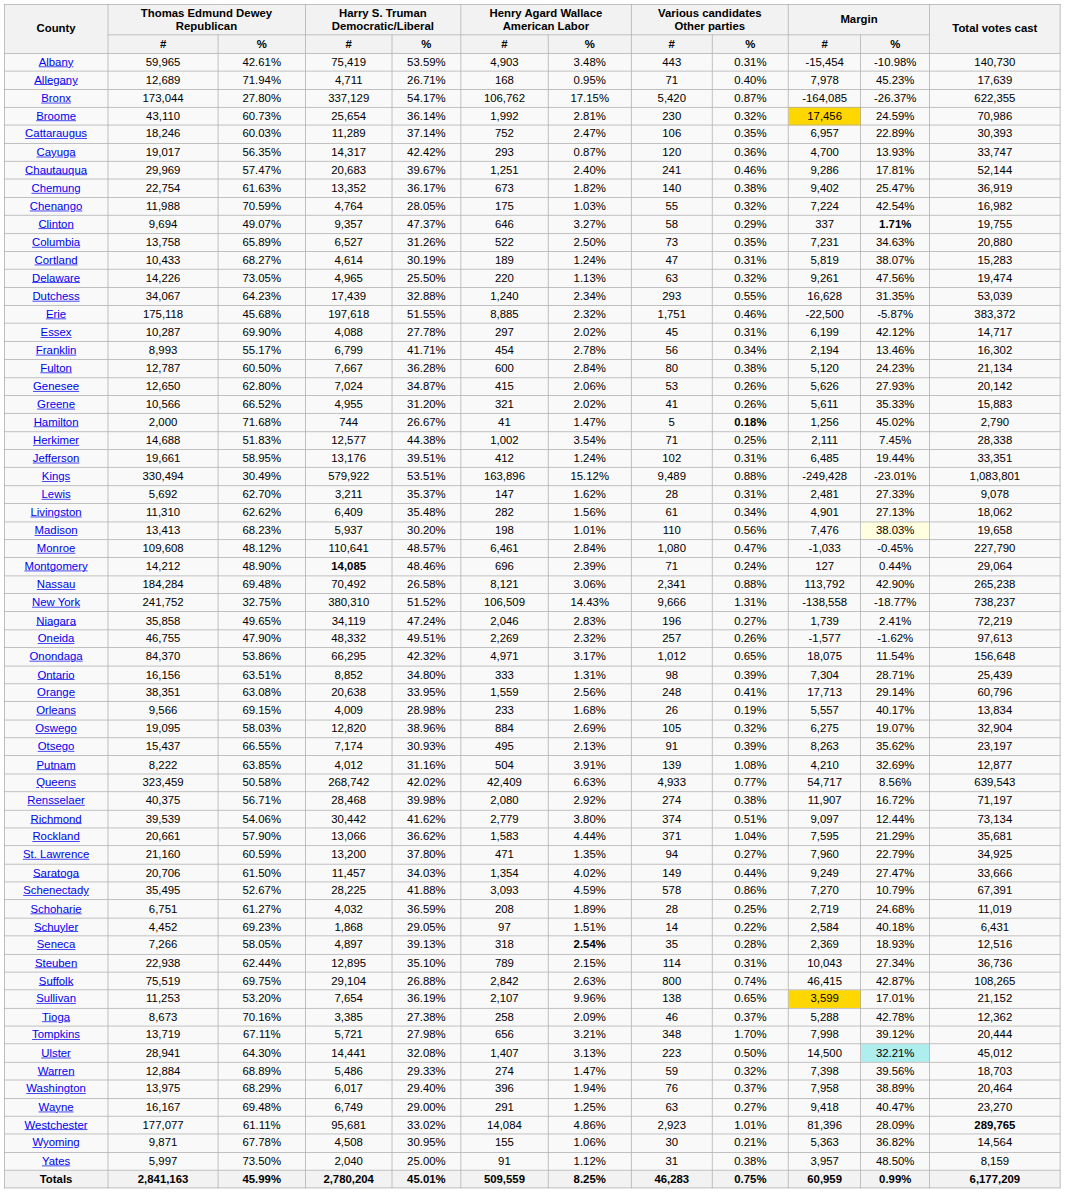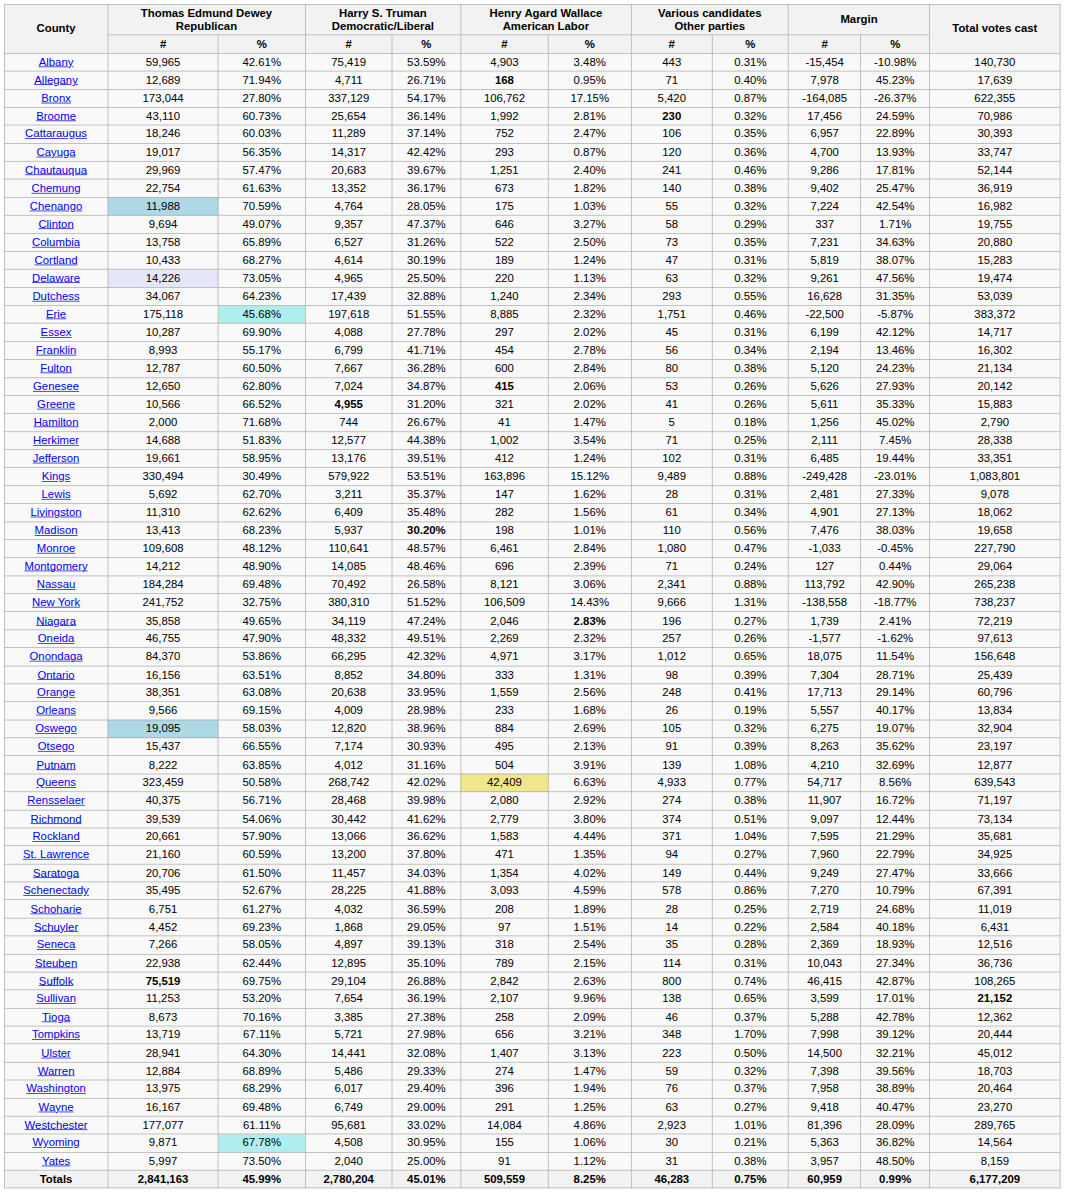 <table width="75%" class="wikitable sortable">
 <tr>
 <th colspan="1" rowspan="2">County</th>
 <th style="text-align:center;" colspan="2">Thomas Edmund Dewey<br>Republican</th>
 <th style="text-align:center;" colspan="2">Harry S. Truman<br>Democratic/Liberal</th>
 <th style="text-align:center;" colspan="2">Henry Agard Wallace<br>American Labor</th>
 <th style="text-align:center;" colspan="2">Various candidates<br>Other parties</th>
 <th style="text-align:center;" colspan="2">Margin</th>
 <th colspan="1" rowspan="2" style="text-align:center;">Total votes cast</th>
 </tr>
 <tr>
 <th style="text-align:center;" data-sort-type="number">#</th>
 <th style="text-align:center;" data-sort-type="number">%</th>
 <th style="text-align:center;" data-sort-type="number">#</th>
 <th style="text-align:center;" data-sort-type="number">%</th>
 <th style="text-align:center;" data-sort-type="number">#</th>
 <th style="text-align:center;" data-sort-type="number">%</th>
 <th style="text-align:center;" data-sort-type="number">#</th>
 <th style="text-align:center;" data-sort-type="number">%</th>
 <th style="text-align:center;" data-sort-type="number">#</th>
 <th style="text-align:center;" data-sort-type="number">%</th>
 </tr>
 <tr style="text-align:center;">
 <td><a href='#'>Albany</a></td>
 <td>59,965</td>
 <td>42.61%</td>
 <td>75,419</td>
 <td>53.59%</td>
 <td>4,903</td>
 <td>3.48%</td>
 <td>443</td>
 <td>0.31%</td>
 <td>-15,454</td>
 <td>-10.98%</td>
 <td>140,730</td>
 </tr>
 <tr style="text-align:center;">
 <td><a href='#'>Allegany</a></td>
 <td>12,689</td>
 <td>71.94%</td>
 <td>4,711</td>
 <td>26.71%</td>
-<td>168</td>
+<td><strong>168</strong></td>
 <td>0.95%</td>
 <td>71</td>
 <td>0.40%</td>
 <td>7,978</td>
 <td>45.23%</td>
 <td>17,639</td>
 </tr>
 <tr style="text-align:center;">
 <td><a href='#'>Bronx</a></td>
 <td>173,044</td>
 <td>27.80%</td>
 <td>337,129</td>
 <td>54.17%</td>
 <td>106,762</td>
 <td>17.15%</td>
 <td>5,420</td>
 <td>0.87%</td>
 <td>-164,085</td>
 <td>-26.37%</td>
 <td>622,355</td>
 </tr>
 <tr style="text-align:center;">
 <td><a href='#'>Broome</a></td>
 <td>43,110</td>
 <td>60.73%</td>
 <td>25,654</td>
 <td>36.14%</td>
 <td>1,992</td>
 <td>2.81%</td>
-<td>230</td>
+<td><strong>230</strong></td>
 <td>0.32%</td>
-<td style="background: gold;">17,456</td>
+<td>17,456</td>
 <td>24.59%</td>
 <td>70,986</td>
 </tr>
 <tr style="text-align:center;">
 <td><a href='#'>Cattaraugus</a></td>
 <td>18,246</td>
 <td>60.03%</td>
 <td>11,289</td>
 <td>37.14%</td>
 <td>752</td>
 <td>2.47%</td>
 <td>106</td>
 <td>0.35%</td>
 <td>6,957</td>
 <td>22.89%</td>
 <td>30,393</td>
 </tr>
 <tr style="text-align:center;">
 <td><a href='#'>Cayuga</a></td>
 <td>19,017</td>
 <td>56.35%</td>
 <td>14,317</td>
 <td>42.42%</td>
 <td>293</td>
 <td>0.87%</td>
 <td>120</td>
 <td>0.36%</td>
 <td>4,700</td>
 <td>13.93%</td>
 <td>33,747</td>
 </tr>
 <tr style="text-align:center;">
 <td><a href='#'>Chautauqua</a></td>
 <td>29,969</td>
 <td>57.47%</td>
 <td>20,683</td>
 <td>39.67%</td>
 <td>1,251</td>
 <td>2.40%</td>
 <td>241</td>
 <td>0.46%</td>
 <td>9,286</td>
 <td>17.81%</td>
 <td>52,144</td>
 </tr>
 <tr style="text-align:center;">
 <td><a href='#'>Chemung</a></td>
 <td>22,754</td>
 <td>61.63%</td>
 <td>13,352</td>
 <td>36.17%</td>
 <td>673</td>
 <td>1.82%</td>
 <td>140</td>
 <td>0.38%</td>
 <td>9,402</td>
 <td>25.47%</td>
 <td>36,919</td>
 </tr>
 <tr style="text-align:center;">
 <td><a href='#'>Chenango</a></td>
-<td>11,988</td>
+<td style="background: lightblue;">11,988</td>
 <td>70.59%</td>
 <td>4,764</td>
 <td>28.05%</td>
 <td>175</td>
 <td>1.03%</td>
 <td>55</td>
 <td>0.32%</td>
 <td>7,224</td>
 <td>42.54%</td>
 <td>16,982</td>
 </tr>
 <tr style="text-align:center;">
 <td><a href='#'>Clinton</a></td>
 <td>9,694</td>
 <td>49.07%</td>
 <td>9,357</td>
 <td>47.37%</td>
 <td>646</td>
 <td>3.27%</td>
 <td>58</td>
 <td>0.29%</td>
 <td>337</td>
-<td><strong>1.71%</strong></td>
+<td>1.71%</td>
 <td>19,755</td>
 </tr>
 <tr style="text-align:center;">
 <td><a href='#'>Columbia</a></td>
 <td>13,758</td>
 <td>65.89%</td>
 <td>6,527</td>
 <td>31.26%</td>
 <td>522</td>
 <td>2.50%</td>
 <td>73</td>
 <td>0.35%</td>
 <td>7,231</td>
 <td>34.63%</td>
 <td>20,880</td>
 </tr>
 <tr style="text-align:center;">
 <td><a href='#'>Cortland</a></td>
 <td>10,433</td>
 <td>68.27%</td>
 <td>4,614</td>
 <td>30.19%</td>
 <td>189</td>
 <td>1.24%</td>
 <td>47</td>
 <td>0.31%</td>
 <td>5,819</td>
 <td>38.07%</td>
 <td>15,283</td>
 </tr>
 <tr style="text-align:center;">
 <td><a href='#'>Delaware</a></td>
-<td>14,226</td>
+<td style="background: lavender;">14,226</td>
 <td>73.05%</td>
 <td>4,965</td>
 <td>25.50%</td>
 <td>220</td>
 <td>1.13%</td>
 <td>63</td>
 <td>0.32%</td>
 <td>9,261</td>
 <td>47.56%</td>
 <td>19,474</td>
 </tr>
 <tr style="text-align:center;">
 <td><a href='#'>Dutchess</a></td>
 <td>34,067</td>
 <td>64.23%</td>
 <td>17,439</td>
 <td>32.88%</td>
 <td>1,240</td>
 <td>2.34%</td>
 <td>293</td>
 <td>0.55%</td>
 <td>16,628</td>
 <td>31.35%</td>
 <td>53,039</td>
 </tr>
 <tr style="text-align:center;">
 <td><a href='#'>Erie</a></td>
 <td>175,118</td>
-<td>45.68%</td>
+<td style="background: paleturquoise;">45.68%</td>
 <td>197,618</td>
 <td>51.55%</td>
 <td>8,885</td>
 <td>2.32%</td>
 <td>1,751</td>
 <td>0.46%</td>
 <td>-22,500</td>
 <td>-5.87%</td>
 <td>383,372</td>
 </tr>
 <tr style="text-align:center;">
 <td><a href='#'>Essex</a></td>
 <td>10,287</td>
 <td>69.90%</td>
 <td>4,088</td>
 <td>27.78%</td>
 <td>297</td>
 <td>2.02%</td>
 <td>45</td>
 <td>0.31%</td>
 <td>6,199</td>
 <td>42.12%</td>
 <td>14,717</td>
 </tr>
 <tr style="text-align:center;">
 <td><a href='#'>Franklin</a></td>
 <td>8,993</td>
 <td>55.17%</td>
 <td>6,799</td>
 <td>41.71%</td>
 <td>454</td>
 <td>2.78%</td>
 <td>56</td>
 <td>0.34%</td>
 <td>2,194</td>
 <td>13.46%</td>
 <td>16,302</td>
 </tr>
 <tr style="text-align:center;">
 <td><a href='#'>Fulton</a></td>
 <td>12,787</td>
 <td>60.50%</td>
 <td>7,667</td>
 <td>36.28%</td>
 <td>600</td>
 <td>2.84%</td>
 <td>80</td>
 <td>0.38%</td>
 <td>5,120</td>
 <td>24.23%</td>
 <td>21,134</td>
 </tr>
 <tr style="text-align:center;">
 <td><a href='#'>Genesee</a></td>
 <td>12,650</td>
 <td>62.80%</td>
 <td>7,024</td>
 <td>34.87%</td>
-<td>415</td>
+<td><strong>415</strong></td>
 <td>2.06%</td>
 <td>53</td>
 <td>0.26%</td>
 <td>5,626</td>
 <td>27.93%</td>
 <td>20,142</td>
 </tr>
 <tr style="text-align:center;">
 <td><a href='#'>Greene</a></td>
 <td>10,566</td>
 <td>66.52%</td>
-<td>4,955</td>
+<td><strong>4,955</strong></td>
 <td>31.20%</td>
 <td>321</td>
 <td>2.02%</td>
 <td>41</td>
 <td>0.26%</td>
 <td>5,611</td>
 <td>35.33%</td>
 <td>15,883</td>
 </tr>
 <tr style="text-align:center;">
 <td><a href='#'>Hamilton</a></td>
 <td>2,000</td>
 <td>71.68%</td>
 <td>744</td>
 <td>26.67%</td>
 <td>41</td>
 <td>1.47%</td>
 <td>5</td>
-<td><strong>0.18%</strong></td>
+<td>0.18%</td>
 <td>1,256</td>
 <td>45.02%</td>
 <td>2,790</td>
 </tr>
 <tr style="text-align:center;">
 <td><a href='#'>Herkimer</a></td>
 <td>14,688</td>
 <td>51.83%</td>
 <td>12,577</td>
 <td>44.38%</td>
 <td>1,002</td>
 <td>3.54%</td>
 <td>71</td>
 <td>0.25%</td>
 <td>2,111</td>
 <td>7.45%</td>
 <td>28,338</td>
 </tr>
 <tr style="text-align:center;">
 <td><a href='#'>Jefferson</a></td>
 <td>19,661</td>
 <td>58.95%</td>
 <td>13,176</td>
 <td>39.51%</td>
 <td>412</td>
 <td>1.24%</td>
 <td>102</td>
 <td>0.31%</td>
 <td>6,485</td>
 <td>19.44%</td>
 <td>33,351</td>
 </tr>
 <tr style="text-align:center;">
 <td><a href='#'>Kings</a></td>
 <td>330,494</td>
 <td>30.49%</td>
 <td>579,922</td>
 <td>53.51%</td>
 <td>163,896</td>
 <td>15.12%</td>
 <td>9,489</td>
 <td>0.88%</td>
 <td>-249,428</td>
 <td>-23.01%</td>
 <td>1,083,801</td>
 </tr>
 <tr style="text-align:center;">
 <td><a href='#'>Lewis</a></td>
 <td>5,692</td>
 <td>62.70%</td>
 <td>3,211</td>
 <td>35.37%</td>
 <td>147</td>
 <td>1.62%</td>
 <td>28</td>
 <td>0.31%</td>
 <td>2,481</td>
 <td>27.33%</td>
 <td>9,078</td>
 </tr>
 <tr style="text-align:center;">
 <td><a href='#'>Livingston</a></td>
 <td>11,310</td>
 <td>62.62%</td>
 <td>6,409</td>
 <td>35.48%</td>
 <td>282</td>
 <td>1.56%</td>
 <td>61</td>
 <td>0.34%</td>
 <td>4,901</td>
 <td>27.13%</td>
 <td>18,062</td>
 </tr>
 <tr style="text-align:center;">
 <td><a href='#'>Madison</a></td>
 <td>13,413</td>
 <td>68.23%</td>
 <td>5,937</td>
-<td>30.20%</td>
+<td><strong>30.20%</strong></td>
 <td>198</td>
 <td>1.01%</td>
 <td>110</td>
 <td>0.56%</td>
 <td>7,476</td>
-<td style="background: lightyellow;">38.03%</td>
+<td>38.03%</td>
 <td>19,658</td>
 </tr>
 <tr style="text-align:center;">
 <td><a href='#'>Monroe</a></td>
 <td>109,608</td>
 <td>48.12%</td>
 <td>110,641</td>
 <td>48.57%</td>
 <td>6,461</td>
 <td>2.84%</td>
 <td>1,080</td>
 <td>0.47%</td>
 <td>-1,033</td>
 <td>-0.45%</td>
 <td>227,790</td>
 </tr>
 <tr style="text-align:center;">
 <td><a href='#'>Montgomery</a></td>
 <td>14,212</td>
 <td>48.90%</td>
-<td><strong>14,085</strong></td>
+<td>14,085</td>
 <td>48.46%</td>
 <td>696</td>
 <td>2.39%</td>
 <td>71</td>
 <td>0.24%</td>
 <td>127</td>
 <td>0.44%</td>
 <td>29,064</td>
 </tr>
 <tr style="text-align:center;">
 <td><a href='#'>Nassau</a></td>
 <td>184,284</td>
 <td>69.48%</td>
 <td>70,492</td>
 <td>26.58%</td>
 <td>8,121</td>
 <td>3.06%</td>
 <td>2,341</td>
 <td>0.88%</td>
 <td>113,792</td>
 <td>42.90%</td>
 <td>265,238</td>
 </tr>
 <tr style="text-align:center;">
 <td><a href='#'>New York</a></td>
 <td>241,752</td>
 <td>32.75%</td>
 <td>380,310</td>
 <td>51.52%</td>
 <td>106,509</td>
 <td>14.43%</td>
 <td>9,666</td>
 <td>1.31%</td>
 <td>-138,558</td>
 <td>-18.77%</td>
 <td>738,237</td>
 </tr>
 <tr style="text-align:center;">
 <td><a href='#'>Niagara</a></td>
 <td>35,858</td>
 <td>49.65%</td>
 <td>34,119</td>
 <td>47.24%</td>
 <td>2,046</td>
-<td>2.83%</td>
+<td><strong>2.83%</strong></td>
 <td>196</td>
 <td>0.27%</td>
 <td>1,739</td>
 <td>2.41%</td>
 <td>72,219</td>
 </tr>
 <tr style="text-align:center;">
 <td><a href='#'>Oneida</a></td>
 <td>46,755</td>
 <td>47.90%</td>
 <td>48,332</td>
 <td>49.51%</td>
 <td>2,269</td>
 <td>2.32%</td>
 <td>257</td>
 <td>0.26%</td>
 <td>-1,577</td>
 <td>-1.62%</td>
 <td>97,613</td>
 </tr>
 <tr style="text-align:center;">
 <td><a href='#'>Onondaga</a></td>
 <td>84,370</td>
 <td>53.86%</td>
 <td>66,295</td>
 <td>42.32%</td>
 <td>4,971</td>
 <td>3.17%</td>
 <td>1,012</td>
 <td>0.65%</td>
 <td>18,075</td>
 <td>11.54%</td>
 <td>156,648</td>
 </tr>
 <tr style="text-align:center;">
 <td><a href='#'>Ontario</a></td>
 <td>16,156</td>
 <td>63.51%</td>
 <td>8,852</td>
 <td>34.80%</td>
 <td>333</td>
 <td>1.31%</td>
 <td>98</td>
 <td>0.39%</td>
 <td>7,304</td>
 <td>28.71%</td>
 <td>25,439</td>
 </tr>
 <tr style="text-align:center;">
 <td><a href='#'>Orange</a></td>
 <td>38,351</td>
 <td>63.08%</td>
 <td>20,638</td>
 <td>33.95%</td>
 <td>1,559</td>
 <td>2.56%</td>
 <td>248</td>
 <td>0.41%</td>
 <td>17,713</td>
 <td>29.14%</td>
 <td>60,796</td>
 </tr>
 <tr style="text-align:center;">
 <td><a href='#'>Orleans</a></td>
 <td>9,566</td>
 <td>69.15%</td>
 <td>4,009</td>
 <td>28.98%</td>
 <td>233</td>
 <td>1.68%</td>
 <td>26</td>
 <td>0.19%</td>
 <td>5,557</td>
 <td>40.17%</td>
 <td>13,834</td>
 </tr>
 <tr style="text-align:center;">
 <td><a href='#'>Oswego</a></td>
-<td>19,095</td>
+<td style="background: lightblue;">19,095</td>
 <td>58.03%</td>
 <td>12,820</td>
 <td>38.96%</td>
 <td>884</td>
 <td>2.69%</td>
 <td>105</td>
 <td>0.32%</td>
 <td>6,275</td>
 <td>19.07%</td>
 <td>32,904</td>
 </tr>
 <tr style="text-align:center;">
 <td><a href='#'>Otsego</a></td>
 <td>15,437</td>
 <td>66.55%</td>
 <td>7,174</td>
 <td>30.93%</td>
 <td>495</td>
 <td>2.13%</td>
 <td>91</td>
 <td>0.39%</td>
 <td>8,263</td>
 <td>35.62%</td>
 <td>23,197</td>
 </tr>
 <tr style="text-align:center;">
 <td><a href='#'>Putnam</a></td>
 <td>8,222</td>
 <td>63.85%</td>
 <td>4,012</td>
 <td>31.16%</td>
 <td>504</td>
 <td>3.91%</td>
 <td>139</td>
 <td>1.08%</td>
 <td>4,210</td>
 <td>32.69%</td>
 <td>12,877</td>
 </tr>
 <tr style="text-align:center;">
 <td><a href='#'>Queens</a></td>
 <td>323,459</td>
 <td>50.58%</td>
 <td>268,742</td>
 <td>42.02%</td>
-<td>42,409</td>
+<td style="background: khaki;">42,409</td>
 <td>6.63%</td>
 <td>4,933</td>
 <td>0.77%</td>
 <td>54,717</td>
 <td>8.56%</td>
 <td>639,543</td>
 </tr>
 <tr style="text-align:center;">
 <td><a href='#'>Rensselaer</a></td>
 <td>40,375</td>
 <td>56.71%</td>
 <td>28,468</td>
 <td>39.98%</td>
 <td>2,080</td>
 <td>2.92%</td>
 <td>274</td>
 <td>0.38%</td>
 <td>11,907</td>
 <td>16.72%</td>
 <td>71,197</td>
 </tr>
 <tr style="text-align:center;">
 <td><a href='#'>Richmond</a></td>
 <td>39,539</td>
 <td>54.06%</td>
 <td>30,442</td>
 <td>41.62%</td>
 <td>2,779</td>
 <td>3.80%</td>
 <td>374</td>
 <td>0.51%</td>
 <td>9,097</td>
 <td>12.44%</td>
 <td>73,134</td>
 </tr>
 <tr style="text-align:center;">
 <td><a href='#'>Rockland</a></td>
 <td>20,661</td>
 <td>57.90%</td>
 <td>13,066</td>
 <td>36.62%</td>
 <td>1,583</td>
 <td>4.44%</td>
 <td>371</td>
 <td>1.04%</td>
 <td>7,595</td>
 <td>21.29%</td>
 <td>35,681</td>
 </tr>
 <tr style="text-align:center;">
 <td><a href='#'>St. Lawrence</a></td>
 <td>21,160</td>
 <td>60.59%</td>
 <td>13,200</td>
 <td>37.80%</td>
 <td>471</td>
 <td>1.35%</td>
 <td>94</td>
 <td>0.27%</td>
 <td>7,960</td>
 <td>22.79%</td>
 <td>34,925</td>
 </tr>
 <tr style="text-align:center;">
 <td><a href='#'>Saratoga</a></td>
 <td>20,706</td>
 <td>61.50%</td>
 <td>11,457</td>
 <td>34.03%</td>
 <td>1,354</td>
 <td>4.02%</td>
 <td>149</td>
 <td>0.44%</td>
 <td>9,249</td>
 <td>27.47%</td>
 <td>33,666</td>
 </tr>
 <tr style="text-align:center;">
 <td><a href='#'>Schenectady</a></td>
 <td>35,495</td>
 <td>52.67%</td>
 <td>28,225</td>
 <td>41.88%</td>
 <td>3,093</td>
 <td>4.59%</td>
 <td>578</td>
 <td>0.86%</td>
 <td>7,270</td>
 <td>10.79%</td>
 <td>67,391</td>
 </tr>
 <tr style="text-align:center;">
 <td><a href='#'>Schoharie</a></td>
 <td>6,751</td>
 <td>61.27%</td>
 <td>4,032</td>
 <td>36.59%</td>
 <td>208</td>
 <td>1.89%</td>
 <td>28</td>
 <td>0.25%</td>
 <td>2,719</td>
 <td>24.68%</td>
 <td>11,019</td>
 </tr>
 <tr style="text-align:center;">
 <td><a href='#'>Schuyler</a></td>
 <td>4,452</td>
 <td>69.23%</td>
 <td>1,868</td>
 <td>29.05%</td>
 <td>97</td>
 <td>1.51%</td>
 <td>14</td>
 <td>0.22%</td>
 <td>2,584</td>
 <td>40.18%</td>
 <td>6,431</td>
 </tr>
 <tr style="text-align:center;">
 <td><a href='#'>Seneca</a></td>
 <td>7,266</td>
 <td>58.05%</td>
 <td>4,897</td>
 <td>39.13%</td>
 <td>318</td>
-<td><strong>2.54%</strong></td>
+<td>2.54%</td>
 <td>35</td>
 <td>0.28%</td>
 <td>2,369</td>
 <td>18.93%</td>
 <td>12,516</td>
 </tr>
 <tr style="text-align:center;">
 <td><a href='#'>Steuben</a></td>
 <td>22,938</td>
 <td>62.44%</td>
 <td>12,895</td>
 <td>35.10%</td>
 <td>789</td>
 <td>2.15%</td>
 <td>114</td>
 <td>0.31%</td>
 <td>10,043</td>
 <td>27.34%</td>
 <td>36,736</td>
 </tr>
 <tr style="text-align:center;">
 <td><a href='#'>Suffolk</a></td>
-<td>75,519</td>
+<td><strong>75,519</strong></td>
 <td>69.75%</td>
 <td>29,104</td>
 <td>26.88%</td>
 <td>2,842</td>
 <td>2.63%</td>
 <td>800</td>
 <td>0.74%</td>
 <td>46,415</td>
 <td>42.87%</td>
 <td>108,265</td>
 </tr>
 <tr style="text-align:center;">
 <td><a href='#'>Sullivan</a></td>
 <td>11,253</td>
 <td>53.20%</td>
 <td>7,654</td>
 <td>36.19%</td>
 <td>2,107</td>
 <td>9.96%</td>
 <td>138</td>
 <td>0.65%</td>
-<td style="background: gold;">3,599</td>
+<td>3,599</td>
 <td>17.01%</td>
-<td>21,152</td>
+<td><strong>21,152</strong></td>
 </tr>
 <tr style="text-align:center;">
 <td><a href='#'>Tioga</a></td>
 <td>8,673</td>
 <td>70.16%</td>
 <td>3,385</td>
 <td>27.38%</td>
 <td>258</td>
 <td>2.09%</td>
 <td>46</td>
 <td>0.37%</td>
 <td>5,288</td>
 <td>42.78%</td>
 <td>12,362</td>
 </tr>
 <tr style="text-align:center;">
 <td><a href='#'>Tompkins</a></td>
 <td>13,719</td>
 <td>67.11%</td>
 <td>5,721</td>
 <td>27.98%</td>
 <td>656</td>
 <td>3.21%</td>
 <td>348</td>
 <td>1.70%</td>
 <td>7,998</td>
 <td>39.12%</td>
 <td>20,444</td>
 </tr>
 <tr style="text-align:center;">
 <td><a href='#'>Ulster</a></td>
 <td>28,941</td>
 <td>64.30%</td>
 <td>14,441</td>
 <td>32.08%</td>
 <td>1,407</td>
 <td>3.13%</td>
 <td>223</td>
 <td>0.50%</td>
 <td>14,500</td>
-<td style="background: paleturquoise;">32.21%</td>
+<td>32.21%</td>
 <td>45,012</td>
 </tr>
 <tr style="text-align:center;">
 <td><a href='#'>Warren</a></td>
 <td>12,884</td>
 <td>68.89%</td>
 <td>5,486</td>
 <td>29.33%</td>
 <td>274</td>
 <td>1.47%</td>
 <td>59</td>
 <td>0.32%</td>
 <td>7,398</td>
 <td>39.56%</td>
 <td>18,703</td>
 </tr>
 <tr style="text-align:center;">
 <td><a href='#'>Washington</a></td>
 <td>13,975</td>
 <td>68.29%</td>
 <td>6,017</td>
 <td>29.40%</td>
 <td>396</td>
 <td>1.94%</td>
 <td>76</td>
 <td>0.37%</td>
 <td>7,958</td>
 <td>38.89%</td>
 <td>20,464</td>
 </tr>
 <tr style="text-align:center;">
 <td><a href='#'>Wayne</a></td>
 <td>16,167</td>
 <td>69.48%</td>
 <td>6,749</td>
 <td>29.00%</td>
 <td>291</td>
 <td>1.25%</td>
 <td>63</td>
 <td>0.27%</td>
 <td>9,418</td>
 <td>40.47%</td>
 <td>23,270</td>
 </tr>
 <tr style="text-align:center;">
 <td><a href='#'>Westchester</a></td>
 <td>177,077</td>
 <td>61.11%</td>
 <td>95,681</td>
 <td>33.02%</td>
 <td>14,084</td>
 <td>4.86%</td>
 <td>2,923</td>
 <td>1.01%</td>
 <td>81,396</td>
 <td>28.09%</td>
-<td><strong>289,765</strong></td>
+<td>289,765</td>
 </tr>
 <tr style="text-align:center;">
 <td><a href='#'>Wyoming</a></td>
 <td>9,871</td>
-<td>67.78%</td>
+<td style="background: paleturquoise;">67.78%</td>
 <td>4,508</td>
 <td>30.95%</td>
 <td>155</td>
 <td>1.06%</td>
 <td>30</td>
 <td>0.21%</td>
 <td>5,363</td>
 <td>36.82%</td>
 <td>14,564</td>
 </tr>
 <tr style="text-align:center;">
 <td><a href='#'>Yates</a></td>
 <td>5,997</td>
 <td>73.50%</td>
 <td>2,040</td>
 <td>25.00%</td>
 <td>91</td>
 <td>1.12%</td>
 <td>31</td>
 <td>0.38%</td>
 <td>3,957</td>
 <td>48.50%</td>
 <td>8,159</td>
 </tr>
 <tr style="text-align:center;">
 <th>Totals</th>
 <th>2,841,163</th>
 <th>45.99%</th>
 <th>2,780,204</th>
 <th>45.01%</th>
 <th>509,559</th>
 <th>8.25%</th>
 <th>46,283</th>
 <th>0.75%</th>
 <th>60,959</th>
 <th>0.99%</th>
 <th>6,177,209</th>
 </tr>
 </table>
